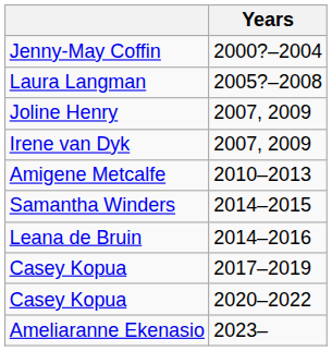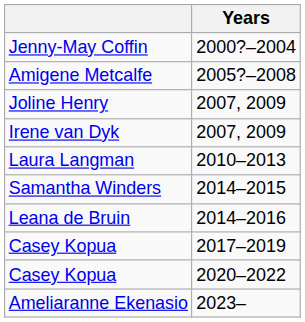 <table class="wikitable collapsible">
 <tr>
 <th></th>
 <th>Years</th>
 </tr>
 <tr>
 <td><a href='#'>Jenny-May Coffin</a></td>
 <td>2000?–2004</td>
 </tr>
 <tr>
-<td><a href='#'>Laura Langman</a></td>
+<td><a href='#'>Amigene Metcalfe</a></td>
 <td>2005?–2008</td>
 </tr>
 <tr>
 <td><a href='#'>Joline Henry</a></td>
 <td>2007, 2009</td>
 </tr>
 <tr>
 <td><a href='#'>Irene van Dyk</a></td>
 <td>2007, 2009</td>
 </tr>
 <tr>
-<td><a href='#'>Amigene Metcalfe</a></td>
+<td><a href='#'>Laura Langman</a></td>
 <td>2010–2013</td>
 </tr>
 <tr>
 <td><a href='#'>Samantha Winders</a></td>
 <td>2014–2015</td>
 </tr>
 <tr>
 <td><a href='#'>Leana de Bruin</a></td>
 <td>2014–2016</td>
 </tr>
 <tr>
 <td><a href='#'>Casey Kopua</a></td>
 <td>2017–2019</td>
 </tr>
 <tr>
 <td><a href='#'>Casey Kopua</a></td>
 <td>2020–2022</td>
 </tr>
 <tr>
 <td><a href='#'>Ameliaranne Ekenasio</a></td>
 <td>2023–</td>
 </tr>
 </table>
